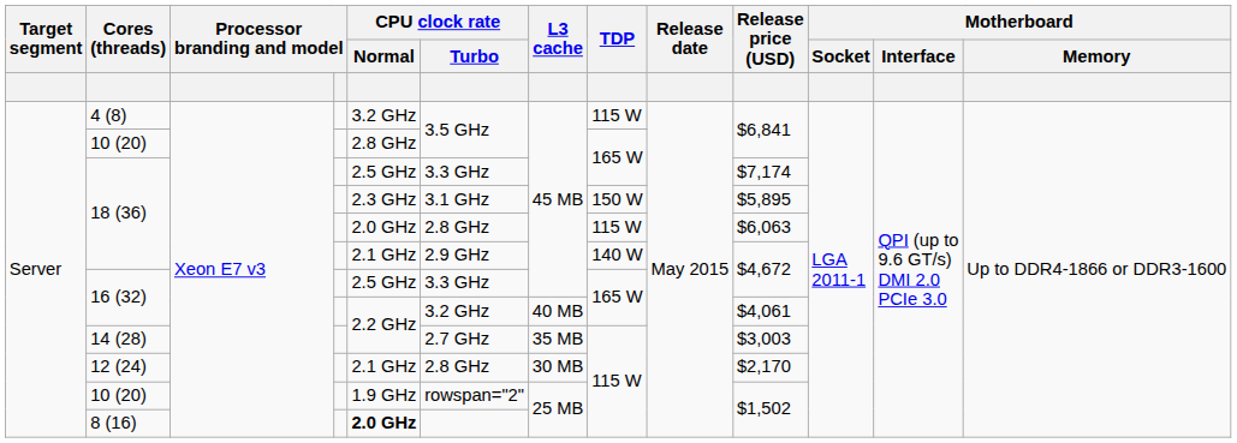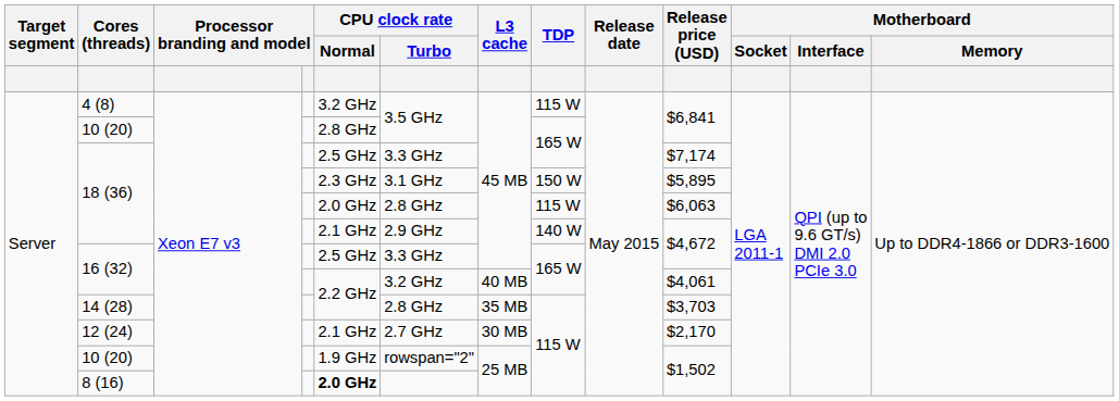 <table class="wikitable sortable hover-highlight">
 <tr>
 <th rowspan="2">Target<br>segment</th>
 <th rowspan="2">Cores<br>(threads)</th>
 <th colspan="2" rowspan="2">Processor<br>branding and model</th>
 <th colspan="2">CPU <a href='#'>clock rate</a></th>
 <th rowspan="2" data-sort-type="number"><a href='#'>L3<br>cache</a></th>
 <th rowspan="2" data-sort-type="number"><a href='#'>TDP</a></th>
 <th rowspan="2" class="unsortable">Release<br>date</th>
 <th rowspan="2">Release<br>price<br>(USD)<br></th>
 <th colspan="3">Motherboard</th>
 </tr>
 <tr>
 <th>Normal</th>
 <th data-sort-type="number"><a href='#'>Turbo</a></th>
 <th>Socket</th>
 <th>Interface</th>
 <th>Memory</th>
 </tr>
 <tr>
 <th style="background-position:center"><br></th>
 <th style="background-position:center"></th>
 <th style="background-position:center"></th>
 <th style="background-position:center"></th>
 <th style="background-position:center"></th>
 <th style="background-position:center"></th>
 <th style="background-position:center"></th>
 <th style="background-position:center"></th>
 <th style="background-position:center"></th>
 <th style="background-position:center"></th>
 <th style="background-position:center"></th>
 <th style="background-position:center"></th>
 <th style="background-position:center"></th>
 </tr>
 <tr>
 <td rowspan="12">Server</td>
 <td>4 (8)</td>
 <td rowspan="12"><a href='#'>Xeon&nbsp;E7&nbsp;v3</a></td>
 <td></td>
 <td>3.2 GHz</td>
 <td rowspan="2">3.5 GHz</td>
 <td rowspan="7">45 MB</td>
 <td>115 W</td>
 <td rowspan="12">May 2015</td>
 <td rowspan="2">$6,841</td>
 <td rowspan="12"><a href='#'>LGA<br>2011-1</a></td>
 <td rowspan="12"><a href='#'>QPI</a> (up to<br>9.6 GT/s)<br><a href='#'>DMI 2.0</a><br><a href='#'>PCIe 3.0</a></td>
 <td rowspan="12">Up to DDR4-1866 or DDR3-1600</td>
 </tr>
 <tr>
 <td>10 (20)</td>
 <td></td>
 <td>2.8 GHz</td>
 <td rowspan="2">165 W</td>
 </tr>
 <tr>
 <td rowspan="4">18 (36)</td>
 <td></td>
 <td>2.5 GHz</td>
 <td>3.3 GHz</td>
 <td>$7,174</td>
 </tr>
 <tr>
 <td></td>
 <td>2.3 GHz</td>
 <td>3.1 GHz</td>
 <td>150 W</td>
 <td>$5,895</td>
 </tr>
 <tr>
 <td></td>
 <td>2.0 GHz</td>
 <td>2.8 GHz</td>
 <td>115 W</td>
 <td>$6,063</td>
 </tr>
 <tr>
 <td></td>
 <td>2.1 GHz</td>
 <td>2.9 GHz</td>
 <td>140 W</td>
 <td rowspan="2">$4,672</td>
 </tr>
 <tr>
 <td rowspan="2">16 (32)</td>
 <td></td>
 <td>2.5 GHz</td>
 <td>3.3 GHz</td>
 <td rowspan="2">165 W</td>
 </tr>
 <tr>
 <td></td>
 <td rowspan="2">2.2 GHz</td>
 <td>3.2 GHz</td>
 <td>40 MB</td>
 <td>$4,061</td>
 </tr>
 <tr>
 <td>14 (28)</td>
 <td></td>
-<td>2.7 GHz</td>
+<td>2.8 GHz</td>
 <td>35 MB</td>
 <td rowspan="4">115 W</td>
-<td>$3,003</td>
+<td>$3,703</td>
 </tr>
 <tr>
 <td>12 (24)</td>
 <td></td>
 <td>2.1 GHz</td>
-<td>2.8 GHz</td>
+<td>2.7 GHz</td>
 <td>30 MB</td>
 <td>$2,170</td>
 </tr>
 <tr>
 <td>10 (20)</td>
 <td></td>
 <td>1.9 GHz</td>
 <td>rowspan="2" </td>
 <td rowspan="2">25 MB</td>
 <td rowspan="2">$1,502</td>
 </tr>
 <tr>
 <td>8 (16)</td>
 <td></td>
 <td><strong>2.0 GHz</strong></td>
 </tr>
 </table>
